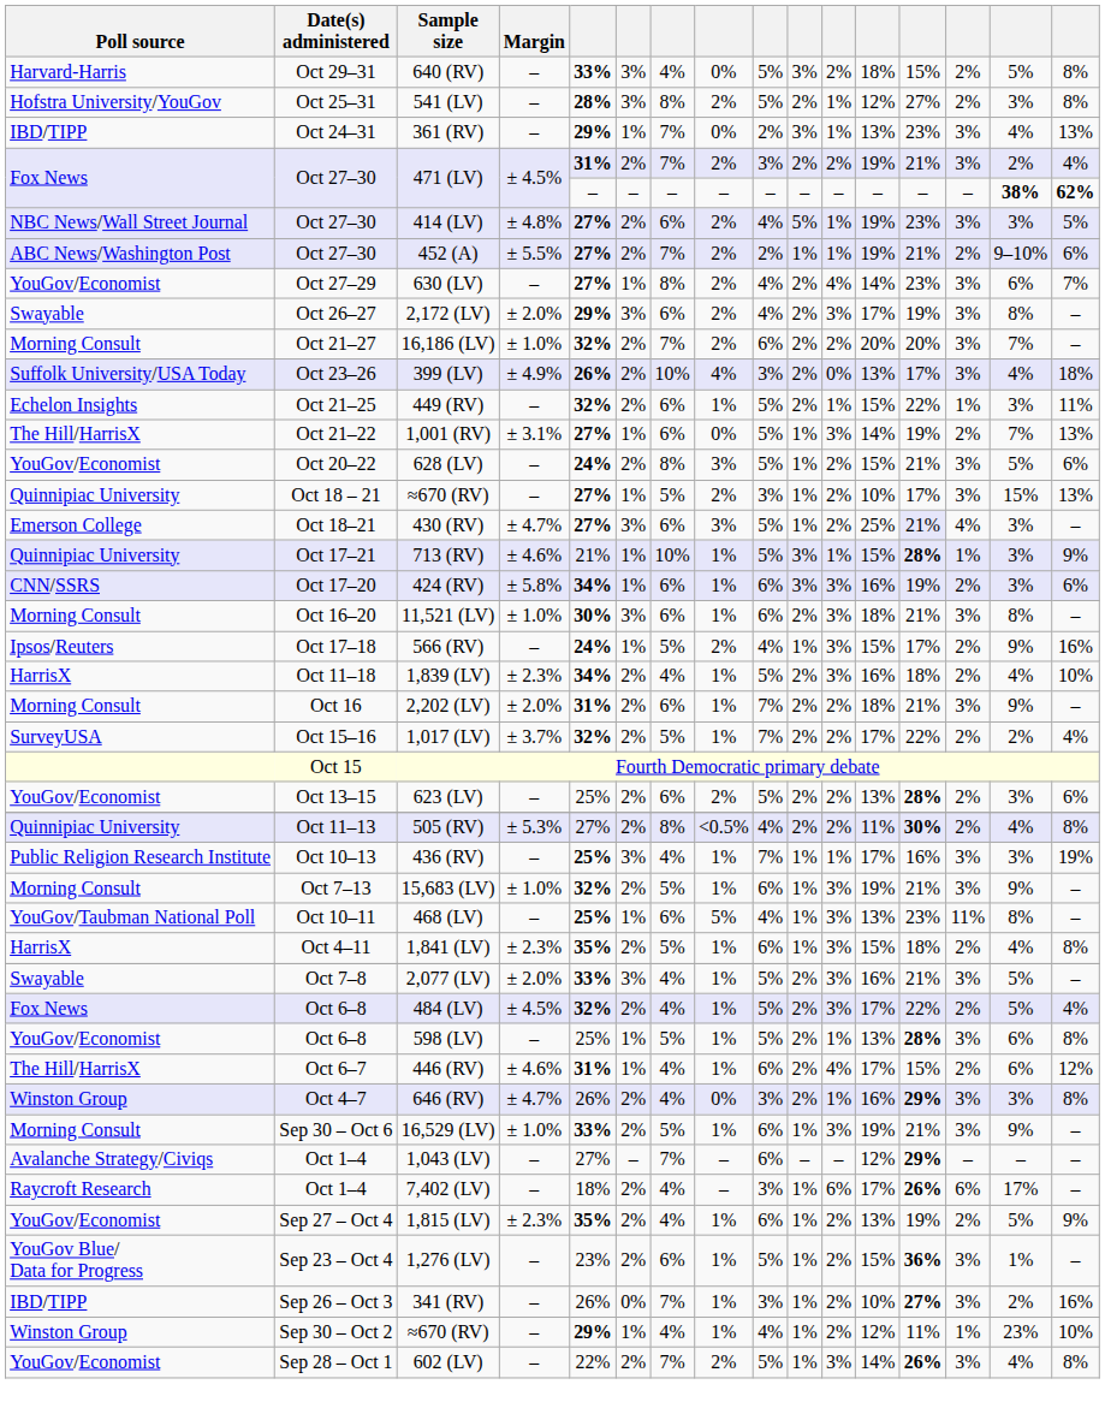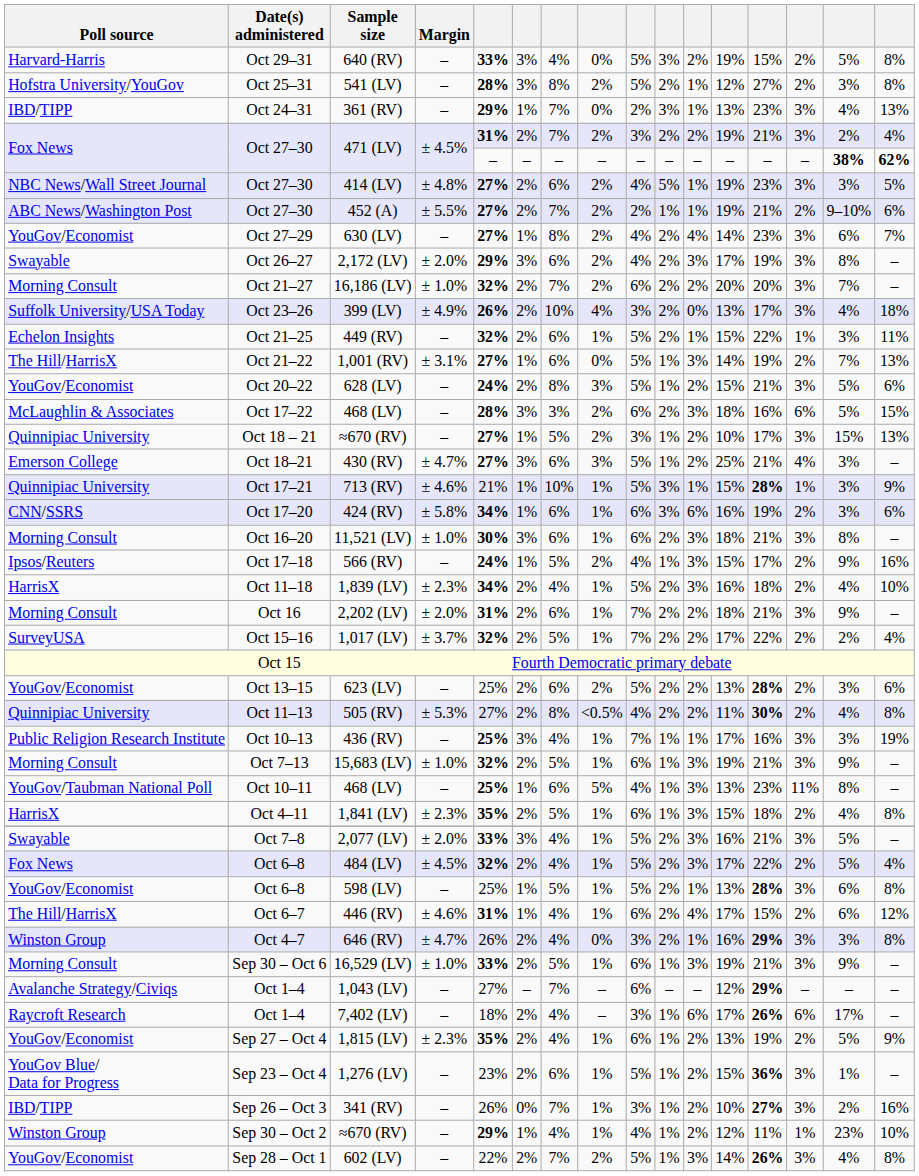 <table class="wikitable sortable" style="text-align:center;">
 <tr valign=bottom>
 <th style="background-position: right 85%;">Poll source</th>
 <th style="background-position: right 85%;">Date(s)<br>administered</th>
 <th style="background-position: right 85%;">Sample<br>size</th>
 <th style="background-position: right 85%;">Margin<br></th>
 <th></th>
 <th></th>
 <th></th>
 <th></th>
 <th></th>
 <th></th>
 <th></th>
 <th></th>
 <th></th>
 <th></th>
 <th></th>
 <th></th>
 </tr>
 <tr>
 <td style="text-align:left;"><a href='#'>Harvard-Harris</a></td>
 <td>Oct 29–31</td>
 <td>640 (RV)</td>
 <td>–</td>
 <td><strong>33%</strong></td>
 <td>3%</td>
 <td>4%</td>
 <td>0%</td>
 <td>5%</td>
 <td>3%</td>
 <td>2%</td>
-<td>18%</td>
+<td>19%</td>
 <td>15%</td>
 <td>2%</td>
 <td>5%</td>
 <td>8%</td>
 </tr>
 <tr>
 <td style="text-align:left;"><a href='#'>Hofstra University</a>/<a href='#'>YouGov</a></td>
 <td>Oct 25–31</td>
 <td>541 (LV)</td>
 <td>–</td>
 <td><strong>28%</strong></td>
 <td>3%</td>
 <td>8%</td>
 <td>2%</td>
 <td>5%</td>
 <td>2%</td>
 <td>1%</td>
 <td>12%</td>
 <td>27%</td>
 <td>2%</td>
 <td>3%</td>
 <td>8%</td>
 </tr>
 <tr>
 <td style="text-align:left;"><a href='#'>IBD</a>/<a href='#'>TIPP</a> </td>
 <td>Oct 24–31</td>
 <td>361 (RV)</td>
 <td>–</td>
 <td><strong>29%</strong></td>
 <td>1%</td>
 <td>7%</td>
 <td>0%</td>
 <td>2%</td>
 <td>3%</td>
 <td>1%</td>
 <td>13%</td>
 <td>23%</td>
 <td>3%</td>
 <td>4%</td>
 <td>13%</td>
 </tr>
 <tr bgcolor=lavender>
 <td style="text-align:left;" rowspan="2"><a href='#'>Fox News</a></td>
 <td rowspan="2">Oct 27–30</td>
 <td rowspan="2">471 (LV)</td>
 <td rowspan="2">± 4.5%</td>
 <td><strong>31%</strong></td>
 <td>2%</td>
 <td>7%</td>
 <td>2%</td>
 <td>3%</td>
 <td>2%</td>
 <td>2%</td>
 <td>19%</td>
 <td>21%</td>
 <td>3%</td>
 <td>2%</td>
 <td>4%</td>
 </tr>
 <tr>
 <td>–</td>
 <td>–</td>
 <td>–</td>
 <td>–</td>
 <td>–</td>
 <td>–</td>
 <td>–</td>
 <td>–</td>
 <td>–</td>
 <td>–</td>
 <td><strong>38%</strong></td>
 <td><strong>62%</strong></td>
 </tr>
 <tr bgcolor=lavender>
 <td style="text-align:left;"><a href='#'>NBC News</a>/<a href='#'>Wall Street Journal</a></td>
 <td>Oct 27–30</td>
 <td>414 (LV)</td>
 <td>± 4.8%</td>
 <td><strong>27%</strong></td>
 <td>2%</td>
 <td>6%</td>
 <td>2%</td>
 <td>4%</td>
 <td>5%</td>
 <td>1%</td>
 <td>19%</td>
 <td>23%</td>
 <td>3%</td>
 <td>3%</td>
 <td>5%</td>
 </tr>
 <tr bgcolor=lavender>
 <td style="text-align:left;"><a href='#'>ABC News</a>/<a href='#'>Washington Post</a></td>
 <td>Oct 27–30</td>
 <td>452 (A)</td>
 <td>± 5.5%</td>
 <td><strong>27%</strong></td>
 <td>2%</td>
 <td>7%</td>
 <td>2%</td>
 <td>2%</td>
 <td>1%</td>
 <td>1%</td>
 <td>19%</td>
 <td>21%</td>
 <td>2%</td>
 <td>9–10%</td>
 <td>6%</td>
 </tr>
 <tr>
 <td style="text-align:left;"><a href='#'>YouGov</a>/<a href='#'>Economist</a></td>
 <td>Oct 27–29</td>
 <td>630 (LV)</td>
 <td>–</td>
 <td><strong>27%</strong></td>
 <td>1%</td>
 <td>8%</td>
 <td>2%</td>
 <td>4%</td>
 <td>2%</td>
 <td>4%</td>
 <td>14%</td>
 <td>23%</td>
 <td>3%</td>
 <td>6%</td>
 <td>7%</td>
 </tr>
 <tr>
 <td style="text-align:left;"><a href='#'>Swayable</a></td>
 <td>Oct 26–27</td>
 <td>2,172 (LV)</td>
 <td>± 2.0%</td>
 <td><strong>29%</strong></td>
 <td>3%</td>
 <td>6%</td>
 <td>2%</td>
 <td>4%</td>
 <td>2%</td>
 <td>3%</td>
 <td>17%</td>
 <td>19%</td>
 <td>3%</td>
 <td>8%</td>
 <td>–</td>
 </tr>
 <tr>
 <td style="text-align:left;"><a href='#'>Morning Consult</a></td>
 <td>Oct 21–27</td>
 <td>16,186 (LV)</td>
 <td>± 1.0%</td>
 <td><strong>32%</strong></td>
 <td>2%</td>
 <td>7%</td>
 <td>2%</td>
 <td>6%</td>
 <td>2%</td>
 <td>2%</td>
 <td>20%</td>
 <td>20%</td>
 <td>3%</td>
 <td>7%</td>
 <td>–</td>
 </tr>
 <tr bgcolor=lavender>
 <td style="text-align:left;"><a href='#'>Suffolk University</a>/<a href='#'>USA Today</a></td>
 <td>Oct 23–26</td>
 <td>399 (LV)</td>
 <td>± 4.9%</td>
 <td><strong>26%</strong></td>
 <td>2%</td>
 <td>10%</td>
 <td>4%</td>
 <td>3%</td>
 <td>2%</td>
 <td>0%</td>
 <td>13%</td>
 <td>17%</td>
 <td>3%</td>
 <td>4%</td>
 <td>18%</td>
 </tr>
 <tr>
 <td style="text-align:left;"><a href='#'>Echelon Insights</a></td>
 <td>Oct 21–25</td>
 <td>449 (RV)</td>
 <td>–</td>
 <td><strong>32%</strong></td>
 <td>2%</td>
 <td>6%</td>
 <td>1%</td>
 <td>5%</td>
 <td>2%</td>
 <td>1%</td>
 <td>15%</td>
 <td>22%</td>
 <td>1%</td>
 <td>3%</td>
 <td>11%</td>
 </tr>
 <tr>
 <td style="text-align:left;"><a href='#'>The Hill</a>/<a href='#'>HarrisX</a></td>
 <td>Oct 21–22</td>
 <td>1,001 (RV)</td>
 <td>± 3.1%</td>
 <td><strong>27%</strong></td>
 <td>1%</td>
 <td>6%</td>
 <td>0%</td>
 <td>5%</td>
 <td>1%</td>
 <td>3%</td>
 <td>14%</td>
 <td>19%</td>
 <td>2%</td>
 <td>7%</td>
 <td>13%</td>
 </tr>
 <tr>
 <td style="text-align:left;"><a href='#'>YouGov</a>/<a href='#'>Economist</a></td>
 <td>Oct 20–22</td>
 <td>628 (LV)</td>
 <td>–</td>
 <td><strong>24%</strong></td>
 <td>2%</td>
 <td>8%</td>
 <td>3%</td>
 <td>5%</td>
 <td>1%</td>
 <td>2%</td>
 <td>15%</td>
 <td>21%</td>
 <td>3%</td>
 <td>5%</td>
 <td>6%</td>
 </tr>
 <tr>
+<td style="text-align:left;"><a href='#'>McLaughlin & Associates</a></td>
+<td>Oct 17–22</td>
+<td>468 (LV)</td>
+<td>–</td>
+<td><strong>28%</strong></td>
+<td>3%</td>
+<td>3%</td>
+<td>2%</td>
+<td>6%</td>
+<td>2%</td>
+<td>3%</td>
+<td>18%</td>
+<td>16%</td>
+<td>6%</td>
+<td>5%</td>
+<td>15%</td>
+</tr>
+<tr>
 <td style="text-align:left;"><a href='#'>Quinnipiac University</a></td>
 <td>Oct 18 – 21</td>
 <td>≈670 (RV)</td>
 <td>–</td>
 <td><strong>27%</strong></td>
 <td>1%</td>
 <td>5%</td>
 <td>2%</td>
 <td>3%</td>
 <td>1%</td>
 <td>2%</td>
 <td>10%</td>
 <td>17%</td>
 <td>3%</td>
 <td>15%</td>
 <td>13%</td>
 </tr>
 <tr>
 <td style="text-align:left;"><a href='#'>Emerson College</a></td>
 <td>Oct 18–21</td>
 <td>430 (RV)</td>
 <td>± 4.7%</td>
 <td><strong>27%</strong></td>
 <td>3%</td>
 <td>6%</td>
 <td>3%</td>
 <td>5%</td>
 <td>1%</td>
 <td>2%</td>
 <td>25%</td>
-<td style="background: lavender;">21%</td>
+<td>21%</td>
 <td>4%</td>
 <td>3%</td>
 <td>–</td>
 </tr>
 <tr bgcolor=lavender>
 <td style="text-align:left;"><a href='#'>Quinnipiac University</a></td>
 <td>Oct 17–21</td>
 <td>713 (RV)</td>
 <td>± 4.6%</td>
 <td>21%</td>
 <td>1%</td>
 <td>10%</td>
 <td>1%</td>
 <td>5%</td>
 <td>3%</td>
 <td>1%</td>
 <td>15%</td>
 <td><strong>28%</strong></td>
 <td>1%</td>
 <td>3%</td>
 <td>9%</td>
 </tr>
 <tr bgcolor=lavender>
 <td style="text-align:left;"><a href='#'>CNN</a>/<a href='#'>SSRS</a></td>
 <td>Oct 17–20</td>
 <td>424 (RV)</td>
 <td>± 5.8%</td>
 <td><strong>34%</strong></td>
 <td>1%</td>
 <td>6%</td>
 <td>1%</td>
 <td>6%</td>
 <td>3%</td>
-<td>3%</td>
+<td>6%</td>
 <td>16%</td>
 <td>19%</td>
 <td>2%</td>
 <td>3%</td>
 <td>6%</td>
 </tr>
 <tr>
 <td style="text-align:left;"><a href='#'>Morning Consult</a></td>
 <td>Oct 16–20</td>
 <td>11,521 (LV)</td>
 <td>± 1.0%</td>
 <td><strong>30%</strong></td>
 <td>3%</td>
 <td>6%</td>
 <td>1%</td>
 <td>6%</td>
 <td>2%</td>
 <td>3%</td>
 <td>18%</td>
 <td>21%</td>
 <td>3%</td>
 <td>8%</td>
 <td>–</td>
 </tr>
 <tr>
 <td style="text-align:left;"><a href='#'>Ipsos</a>/<a href='#'>Reuters</a></td>
 <td>Oct 17–18</td>
 <td>566 (RV)</td>
 <td>–</td>
 <td><strong>24%</strong></td>
 <td>1%</td>
 <td>5%</td>
 <td>2%</td>
 <td>4%</td>
 <td>1%</td>
 <td>3%</td>
 <td>15%</td>
 <td>17%</td>
 <td>2%</td>
 <td>9%</td>
 <td>16%</td>
 </tr>
 <tr>
 <td style="text-align:left;"><a href='#'>HarrisX</a></td>
 <td>Oct 11–18</td>
 <td>1,839 (LV)</td>
 <td>± 2.3%</td>
 <td><strong>34%</strong></td>
 <td>2%</td>
 <td>4%</td>
 <td>1%</td>
 <td>5%</td>
 <td>2%</td>
 <td>3%</td>
 <td>16%</td>
 <td>18%</td>
 <td>2%</td>
 <td>4%</td>
 <td>10%</td>
 </tr>
 <tr>
 <td style="text-align:left;"><a href='#'>Morning Consult</a></td>
 <td>Oct 16</td>
 <td>2,202 (LV)</td>
 <td>± 2.0%</td>
 <td><strong>31%</strong></td>
 <td>2%</td>
 <td>6%</td>
 <td>1%</td>
 <td>7%</td>
 <td>2%</td>
 <td>2%</td>
 <td>18%</td>
 <td>21%</td>
 <td>3%</td>
 <td>9%</td>
 <td>–</td>
 </tr>
 <tr>
 <td style="text-align:left;"><a href='#'>SurveyUSA</a></td>
 <td>Oct 15–16</td>
 <td>1,017 (LV)</td>
 <td>± 3.7%</td>
 <td><strong>32%</strong></td>
 <td>2%</td>
 <td>5%</td>
 <td>1%</td>
 <td>7%</td>
 <td>2%</td>
 <td>2%</td>
 <td>17%</td>
 <td>22%</td>
 <td>2%</td>
 <td>2%</td>
 <td>4%</td>
 </tr>
 <tr style="background:lightyellow;">
 <td style="border-right-style:hidden;"></td>
 <td style="border-right-style:hidden;">Oct 15</td>
 <td colspan=14><a href='#'>Fourth Democratic primary debate</a></td>
 </tr>
 <tr>
 <td style="text-align:left;"><a href='#'>YouGov</a>/<a href='#'>Economist</a></td>
 <td>Oct 13–15</td>
 <td>623 (LV)</td>
 <td>–</td>
 <td>25%</td>
 <td>2%</td>
 <td>6%</td>
 <td>2%</td>
 <td>5%</td>
 <td>2%</td>
 <td>2%</td>
 <td>13%</td>
 <td><strong>28%</strong></td>
 <td>2%</td>
 <td>3%</td>
 <td>6%</td>
 </tr>
 <tr>
 </tr>
 <tr bgcolor=lavender>
 <td style="text-align:left;"><a href='#'>Quinnipiac University</a></td>
 <td>Oct 11–13</td>
 <td>505 (RV)</td>
 <td>± 5.3%</td>
 <td>27%</td>
 <td>2%</td>
 <td>8%</td>
 <td><0.5%</td>
 <td>4%</td>
 <td>2%</td>
 <td>2%</td>
 <td>11%</td>
 <td><strong>30%</strong></td>
 <td>2%</td>
 <td>4%</td>
 <td>8%</td>
 </tr>
 <tr>
 <td style="text-align:left;"><a href='#'>Public Religion Research Institute</a></td>
 <td>Oct 10–13</td>
 <td>436 (RV)</td>
 <td>–</td>
 <td><strong>25%</strong></td>
 <td>3%</td>
 <td>4%</td>
 <td>1%</td>
 <td>7%</td>
 <td>1%</td>
 <td>1%</td>
 <td>17%</td>
 <td>16%</td>
 <td>3%</td>
 <td>3%</td>
 <td>19%</td>
 </tr>
 <tr>
 <td style="text-align:left;"><a href='#'>Morning Consult</a></td>
 <td>Oct 7–13</td>
 <td>15,683 (LV)</td>
 <td>± 1.0%</td>
 <td><strong>32%</strong></td>
 <td>2%</td>
 <td>5%</td>
 <td>1%</td>
 <td>6%</td>
 <td>1%</td>
 <td>3%</td>
 <td>19%</td>
 <td>21%</td>
 <td>3%</td>
 <td>9%</td>
 <td>–</td>
 </tr>
 <tr>
 <td style="text-align:left;"><a href='#'>YouGov</a>/<a href='#'>Taubman National Poll</a></td>
 <td>Oct 10–11</td>
 <td>468 (LV)</td>
 <td>–</td>
 <td><strong>25%</strong></td>
 <td>1%</td>
 <td>6%</td>
 <td>5%</td>
 <td>4%</td>
 <td>1%</td>
 <td>3%</td>
 <td>13%</td>
 <td>23%</td>
 <td>11%</td>
 <td>8%</td>
 <td>–</td>
 </tr>
 <tr>
 <td style="text-align:left;"><a href='#'>HarrisX</a></td>
 <td>Oct 4–11</td>
 <td>1,841 (LV)</td>
 <td>± 2.3%</td>
 <td><strong>35%</strong></td>
 <td>2%</td>
 <td>5%</td>
 <td>1%</td>
 <td>6%</td>
 <td>1%</td>
 <td>3%</td>
 <td>15%</td>
 <td>18%</td>
 <td>2%</td>
 <td>4%</td>
 <td>8%</td>
 </tr>
 <tr>
 </tr>
 <tr>
 <td style="text-align:left;"><a href='#'>Swayable</a></td>
 <td>Oct 7–8</td>
 <td>2,077 (LV)</td>
 <td>± 2.0%</td>
 <td><strong>33%</strong></td>
 <td>3%</td>
 <td>4%</td>
 <td>1%</td>
 <td>5%</td>
 <td>2%</td>
 <td>3%</td>
 <td>16%</td>
 <td>21%</td>
 <td>3%</td>
 <td>5%</td>
 <td>–</td>
 </tr>
 <tr bgcolor=lavender>
 <td style="text-align:left;"><a href='#'>Fox News</a></td>
 <td>Oct 6–8</td>
 <td>484 (LV)</td>
 <td>± 4.5%</td>
 <td><strong>32%</strong></td>
 <td>2%</td>
 <td>4%</td>
 <td>1%</td>
 <td>5%</td>
 <td>2%</td>
 <td>3%</td>
 <td>17%</td>
 <td>22%</td>
 <td>2%</td>
 <td>5%</td>
 <td>4%</td>
 </tr>
 <tr>
 <td style="text-align:left;"><a href='#'>YouGov</a>/<a href='#'>Economist</a></td>
 <td>Oct 6–8</td>
 <td>598 (LV)</td>
 <td>–</td>
 <td>25%</td>
 <td>1%</td>
 <td>5%</td>
 <td>1%</td>
 <td>5%</td>
 <td>2%</td>
 <td>1%</td>
 <td>13%</td>
 <td><strong>28%</strong></td>
 <td>3%</td>
 <td>6%</td>
 <td>8%</td>
 </tr>
 <tr>
 <td style="text-align:left;"><a href='#'>The Hill</a>/<a href='#'>HarrisX</a></td>
 <td>Oct 6–7</td>
 <td>446 (RV)</td>
 <td>± 4.6%</td>
 <td><strong>31%</strong></td>
 <td>1%</td>
 <td>4%</td>
 <td>1%</td>
 <td>6%</td>
 <td>2%</td>
 <td>4%</td>
 <td>17%</td>
 <td>15%</td>
 <td>2%</td>
 <td>6%</td>
 <td>12%</td>
 </tr>
 <tr bgcolor=lavender>
 <td style="text-align:left;"><a href='#'>Winston Group</a></td>
 <td>Oct 4–7</td>
 <td>646 (RV)</td>
 <td>± 4.7%</td>
 <td>26%</td>
 <td>2%</td>
 <td>4%</td>
 <td>0%</td>
 <td>3%</td>
 <td>2%</td>
 <td>1%</td>
 <td>16%</td>
 <td><strong>29%</strong></td>
 <td>3%</td>
 <td>3%</td>
 <td>8%</td>
 </tr>
 <tr>
 <td style="text-align:left;"><a href='#'>Morning Consult</a></td>
 <td>Sep 30 – Oct 6</td>
 <td>16,529 (LV)</td>
 <td>± 1.0%</td>
 <td><strong>33%</strong></td>
 <td>2%</td>
 <td>5%</td>
 <td>1%</td>
 <td>6%</td>
 <td>1%</td>
 <td>3%</td>
 <td>19%</td>
 <td>21%</td>
 <td>3%</td>
 <td>9%</td>
 <td>–</td>
 </tr>
 <tr>
 <td style="text-align:left;"><a href='#'>Avalanche Strategy</a>/<a href='#'>Civiqs</a></td>
 <td>Oct 1–4</td>
 <td>1,043 (LV)</td>
 <td>–</td>
 <td>27%</td>
 <td>–</td>
 <td>7%</td>
 <td>–</td>
 <td>6%</td>
 <td>–</td>
 <td>–</td>
 <td>12%</td>
 <td><strong>29%</strong></td>
 <td>–</td>
 <td>–</td>
 <td>–</td>
 </tr>
 <tr>
 <td style="text-align:left;"><a href='#'>Raycroft Research</a></td>
 <td>Oct 1–4</td>
 <td>7,402 (LV)</td>
 <td>–</td>
 <td>18%</td>
 <td>2%</td>
 <td>4%</td>
 <td>–</td>
 <td>3%</td>
 <td>1%</td>
 <td>6%</td>
 <td>17%</td>
 <td><strong>26%</strong></td>
 <td>6%</td>
 <td>17%</td>
 <td>–</td>
 </tr>
 <tr>
 <td style="text-align:left;"><a href='#'>YouGov</a>/<a href='#'>Economist</a></td>
 <td>Sep 27 – Oct 4</td>
 <td>1,815 (LV)</td>
 <td>± 2.3%</td>
 <td><strong>35%</strong></td>
 <td>2%</td>
 <td>4%</td>
 <td>1%</td>
 <td>6%</td>
 <td>1%</td>
 <td>2%</td>
 <td>13%</td>
 <td>19%</td>
 <td>2%</td>
 <td>5%</td>
 <td>9%</td>
 </tr>
 <tr>
 <td style="text-align:left;"><a href='#'>YouGov Blue</a>/<a href='#'><br>Data for Progress</a></td>
 <td>Sep 23 – Oct 4</td>
 <td>1,276 (LV)</td>
 <td>–</td>
 <td>23%</td>
 <td>2%</td>
 <td>6%</td>
 <td>1%</td>
 <td>5%</td>
 <td>1%</td>
 <td>2%</td>
 <td>15%</td>
 <td><strong>36%</strong></td>
 <td>3%</td>
 <td>1%</td>
 <td>–</td>
 </tr>
 <tr>
 <td style="text-align:left;"><a href='#'>IBD</a>/<a href='#'>TIPP</a></td>
 <td>Sep 26 – Oct 3</td>
 <td>341 (RV)</td>
 <td>–</td>
 <td>26%</td>
 <td>0%</td>
 <td>7%</td>
 <td>1%</td>
 <td>3%</td>
 <td>1%</td>
 <td>2%</td>
 <td>10%</td>
 <td><strong>27%</strong></td>
 <td>3%</td>
 <td>2%</td>
 <td>16%</td>
 </tr>
 <tr>
 <td style="text-align:left;"><a href='#'>Winston Group</a></td>
 <td>Sep 30 – Oct 2</td>
 <td>≈670 (RV)</td>
 <td>–</td>
 <td><strong>29%</strong></td>
 <td>1%</td>
 <td>4%</td>
 <td>1%</td>
 <td>4%</td>
 <td>1%</td>
 <td>2%</td>
 <td>12%</td>
 <td>11%</td>
 <td>1%</td>
 <td>23%</td>
 <td>10%</td>
 </tr>
 <tr>
 <td style="text-align:left;"><a href='#'>YouGov</a>/<a href='#'>Economist</a></td>
 <td>Sep 28 – Oct 1</td>
 <td>602 (LV)</td>
 <td>–</td>
 <td>22%</td>
 <td>2%</td>
 <td>7%</td>
 <td>2%</td>
 <td>5%</td>
 <td>1%</td>
 <td>3%</td>
 <td>14%</td>
 <td><strong>26%</strong></td>
 <td>3%</td>
 <td>4%</td>
 <td>8%</td>
 </tr>
 </table>
